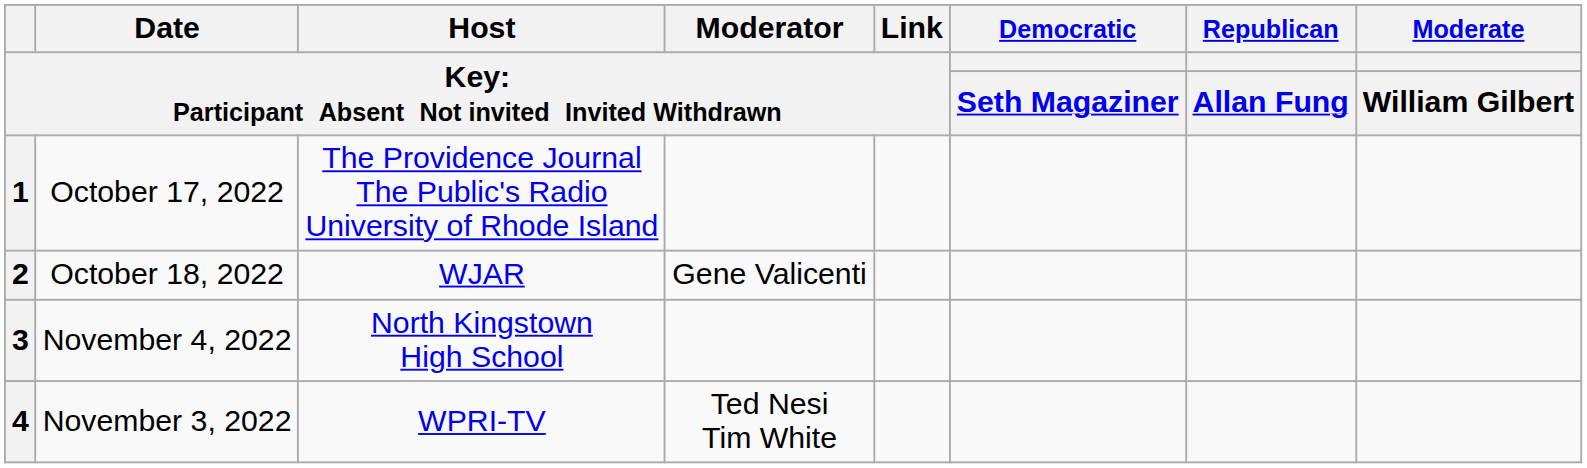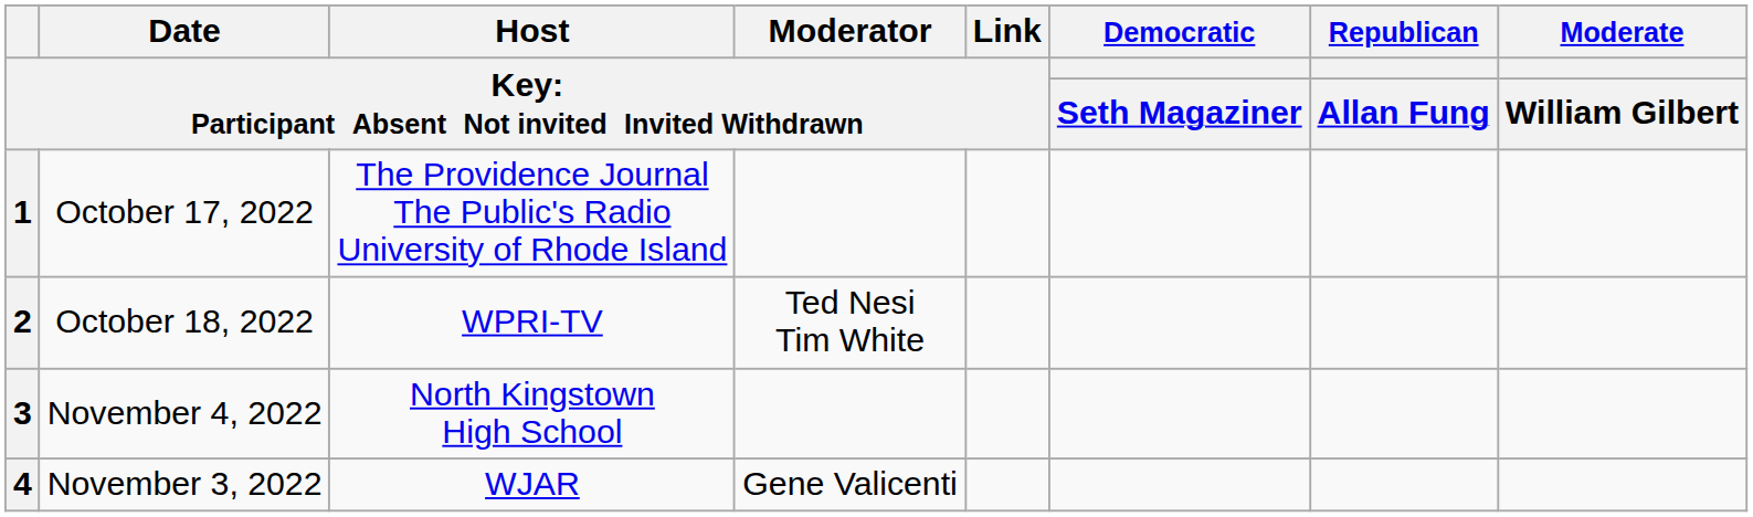 <table class="wikitable" style="text-align:center;">
 <tr>
 <th scope="col"></th>
 <th scope="col">Date</th>
 <th scope="col">Host</th>
 <th scope="col">Moderator</th>
 <th scope="col">Link</th>
 <th scope="col"><small><a href='#'>Democratic</a></small></th>
 <th scope="col"><small><a href='#'>Republican</a></small></th>
 <th scope="col"><small><a href='#'>Moderate</a></small></th>
 </tr>
 <tr>
 <th colspan="5" rowspan="2">Key:<br> <small>Participant </small>  <small>Absent </small>  <small>Not invited </small>  <small>Invited  Withdrawn</small></th>
 <th scope="col" style="background:"></th>
 <th scope="col" style="background:"></th>
 <th scope="col" style="background:"></th>
 </tr>
 <tr>
 <th scope="col"><a href='#'>Seth Magaziner</a></th>
 <th scope="col"><a href='#'>Allan Fung</a></th>
 <th scope="col">William Gilbert</th>
 </tr>
 <tr>
 <th>1</th>
 <td style="white-space:nowrap;">October 17, 2022</td>
 <td style="white-space:nowrap;"><a href='#'>The Providence Journal</a><br><a href='#'>The Public's Radio</a><br><a href='#'>University of Rhode Island</a></td>
 <td style="white-space:nowrap;"></td>
 <td style="white-space:nowrap;"></td>
 <td></td>
 <td></td>
 <td></td>
 </tr>
 <tr>
 <th>2</th>
 <td style="white-space:nowrap;">October 18, 2022</td>
-<td style="white-space:nowrap;"><a href='#'>WJAR</a></td>
-<td style="white-space:nowrap;">Gene Valicenti</td>
+<td style="white-space:nowrap;"><a href='#'>WPRI-TV</a></td>
+<td style="white-space:nowrap;">Ted Nesi<br>Tim White</td>
 <td style="white-space:nowrap;"></td>
 <td></td>
 <td></td>
 <td></td>
 </tr>
 <tr>
 <th>3</th>
 <td style="white-space:nowrap;">November 4, 2022</td>
 <td style="white-space:nowrap;"><a href='#'>North Kingstown</a><br><a href='#'>High School</a></td>
 <td style="white-space:nowrap;"></td>
 <td style="white-space:nowrap;"></td>
 <td></td>
 <td></td>
 <td></td>
 </tr>
 <tr>
 <th>4</th>
 <td style="white-space:nowrap;">November 3, 2022</td>
-<td style="white-space:nowrap;"><a href='#'>WPRI-TV</a></td>
-<td style="white-space:nowrap;">Ted Nesi<br>Tim White</td>
+<td style="white-space:nowrap;"><a href='#'>WJAR</a></td>
+<td style="white-space:nowrap;">Gene Valicenti</td>
 <td style="white-space:nowrap;"></td>
 <td></td>
 <td></td>
 <td></td>
 </tr>
 </table>
